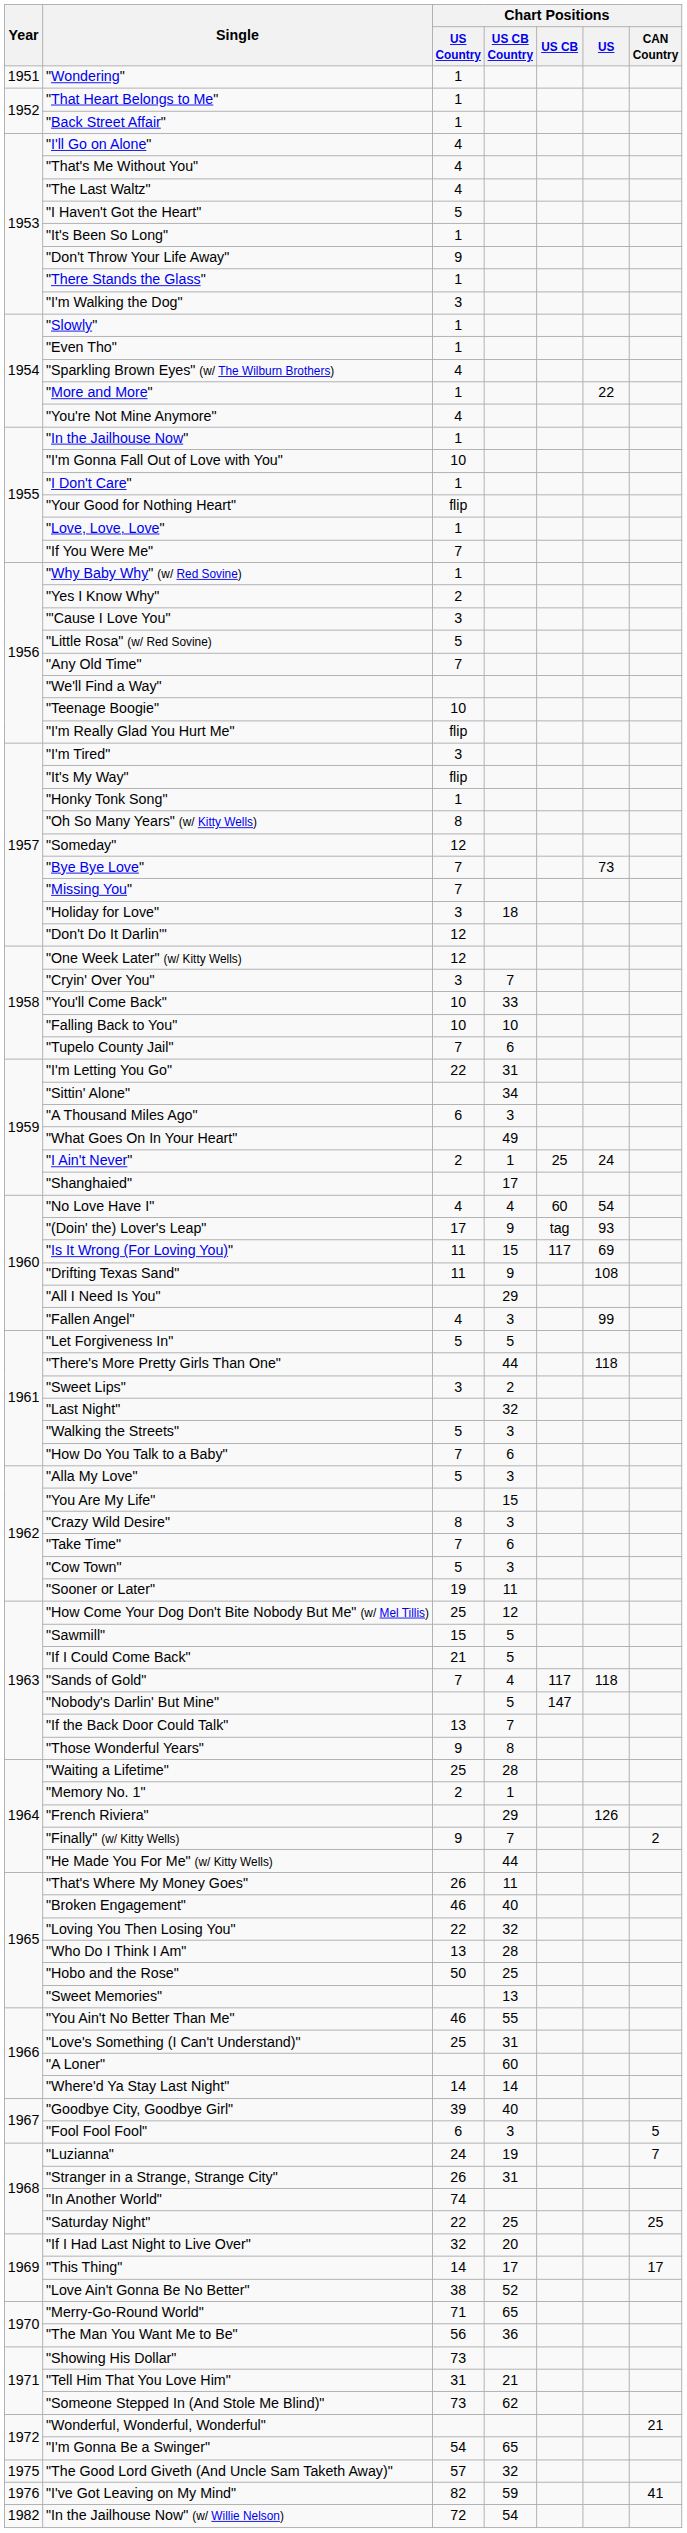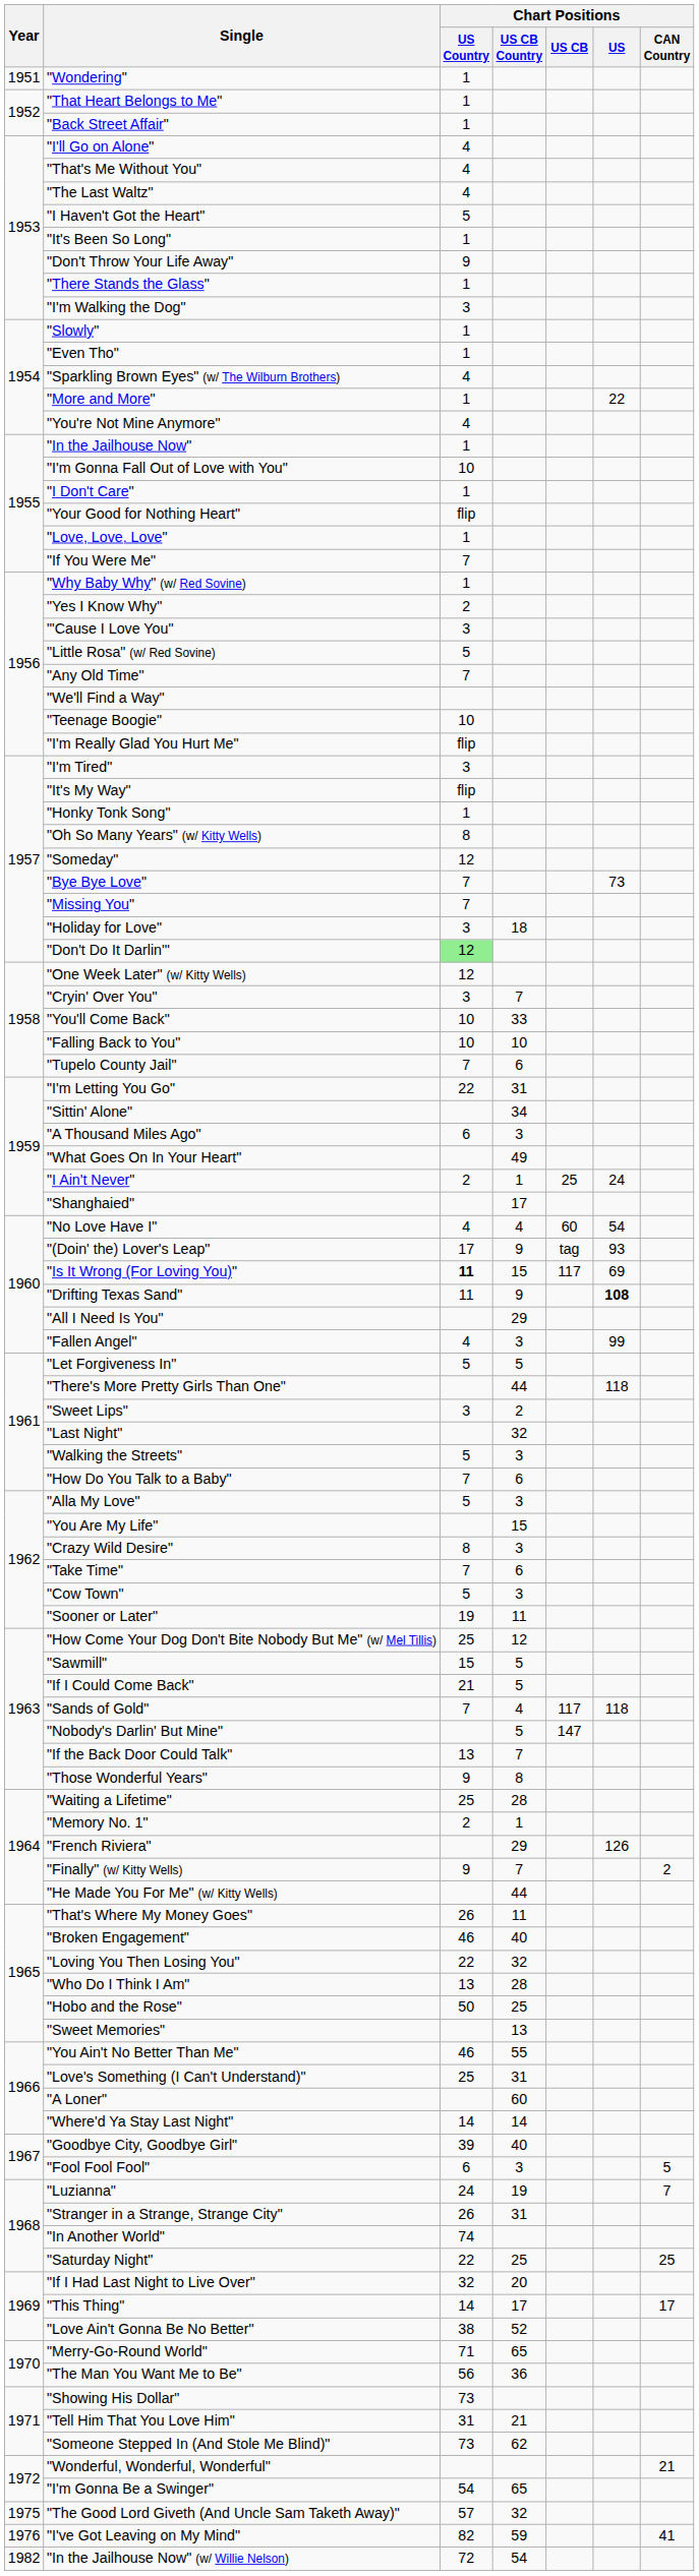 <table class="wikitable">
 <tr>
 <th rowspan="2">Year</th>
 <th rowspan="2">Single</th>
 <th colspan="5">Chart Positions</th>
 </tr>
 <tr>
 <th width="45"><small><a href='#'>US Country</a></small></th>
 <th width="45"><small><a href='#'>US CB Country</a></small></th>
 <th width="45"><small><a href='#'>US CB</a></small></th>
 <th width="45"><small><a href='#'>US</a></small><br></th>
 <th width="45"><small>CAN Country</small></th>
 </tr>
 <tr>
 <td>1951</td>
 <td>"<a href='#'>Wondering</a>"</td>
 <td align="center">1</td>
 <td align="center"></td>
 <td align="center"></td>
 <td align="center"></td>
 <td align="center"></td>
 </tr>
 <tr>
 <td rowspan=2>1952</td>
 <td>"<a href='#'>That Heart Belongs to Me</a>"</td>
 <td align="center">1</td>
 <td align="center"></td>
 <td align="center"></td>
 <td align="center"></td>
 <td align="center"></td>
 </tr>
 <tr>
 <td>"<a href='#'>Back Street Affair</a>"</td>
 <td align="center">1</td>
 <td align="center"></td>
 <td align="center"></td>
 <td align="center"></td>
 <td align="center"></td>
 </tr>
 <tr>
 <td rowspan=8>1953</td>
 <td>"<a href='#'>I'll Go on Alone</a>"</td>
 <td align="center">4</td>
 <td align="center"></td>
 <td align="center"></td>
 <td align="center"></td>
 <td align="center"></td>
 </tr>
 <tr>
 <td>"That's Me Without You"</td>
 <td align="center">4</td>
 <td align="center"></td>
 <td align="center"></td>
 <td align="center"></td>
 <td align="center"></td>
 </tr>
 <tr>
 <td>"The Last Waltz"</td>
 <td align="center">4</td>
 <td align="center"></td>
 <td align="center"></td>
 <td align="center"></td>
 <td align="center"></td>
 </tr>
 <tr>
 <td>"I Haven't Got the Heart"</td>
 <td align="center">5</td>
 <td align="center"></td>
 <td align="center"></td>
 <td align="center"></td>
 <td align="center"></td>
 </tr>
 <tr>
 <td>"It's Been So Long"</td>
 <td align="center">1</td>
 <td align="center"></td>
 <td align="center"></td>
 <td align="center"></td>
 <td align="center"></td>
 </tr>
 <tr>
 <td>"Don't Throw Your Life Away"</td>
 <td align="center">9</td>
 <td align="center"></td>
 <td align="center"></td>
 <td align="center"></td>
 <td align="center"></td>
 </tr>
 <tr>
 <td>"<a href='#'>There Stands the Glass</a>"</td>
 <td align="center">1</td>
 <td align="center"></td>
 <td align="center"></td>
 <td align="center"></td>
 <td align="center"></td>
 </tr>
 <tr>
 <td>"I'm Walking the Dog"</td>
 <td align="center">3</td>
 <td align="center"></td>
 <td align="center"></td>
 <td align="center"></td>
 <td align="center"></td>
 </tr>
 <tr>
 <td rowspan=5>1954</td>
 <td>"<a href='#'>Slowly</a>"</td>
 <td align="center">1</td>
 <td align="center"></td>
 <td align="center"></td>
 <td align="center"></td>
 <td align="center"></td>
 </tr>
 <tr>
 <td>"Even Tho"</td>
 <td align="center">1</td>
 <td align="center"></td>
 <td align="center"></td>
 <td align="center"></td>
 <td align="center"></td>
 </tr>
 <tr>
 <td>"Sparkling Brown Eyes" <small>(w/ <a href='#'>The Wilburn Brothers</a>)</small></td>
 <td align="center">4</td>
 <td align="center"></td>
 <td align="center"></td>
 <td align="center"></td>
 <td align="center"></td>
 </tr>
 <tr>
 <td>"<a href='#'>More and More</a>"</td>
 <td align="center">1</td>
 <td align="center"></td>
 <td align="center"></td>
 <td align="center">22</td>
 <td align="center"></td>
 </tr>
 <tr>
 <td>"You're Not Mine Anymore"</td>
 <td align="center">4</td>
 <td align="center"></td>
 <td align="center"></td>
 <td align="center"></td>
 <td align="center"></td>
 </tr>
 <tr>
 <td rowspan=6>1955</td>
 <td>"<a href='#'>In the Jailhouse Now</a>"</td>
 <td align="center">1</td>
 <td align="center"></td>
 <td align="center"></td>
 <td align="center"></td>
 <td align="center"></td>
 </tr>
 <tr>
 <td>"I'm Gonna Fall Out of Love with You"</td>
 <td align="center">10</td>
 <td align="center"></td>
 <td align="center"></td>
 <td align="center"></td>
 <td align="center"></td>
 </tr>
 <tr>
 <td>"<a href='#'>I Don't Care</a>"</td>
 <td align="center">1</td>
 <td align="center"></td>
 <td align="center"></td>
 <td align="center"></td>
 <td align="center"></td>
 </tr>
 <tr>
 <td>"Your Good for Nothing Heart"</td>
 <td align="center">flip</td>
 <td align="center"></td>
 <td align="center"></td>
 <td align="center"></td>
 <td align="center"></td>
 </tr>
 <tr>
 <td>"<a href='#'>Love, Love, Love</a>"</td>
 <td align="center">1</td>
 <td align="center"></td>
 <td align="center"></td>
 <td align="center"></td>
 <td align="center"></td>
 </tr>
 <tr>
 <td>"If You Were Me"</td>
 <td align="center">7</td>
 <td align="center"></td>
 <td align="center"></td>
 <td align="center"></td>
 <td align="center"></td>
 </tr>
 <tr>
 <td rowspan=8>1956</td>
 <td>"<a href='#'>Why Baby Why</a>" <small>(w/ <a href='#'>Red Sovine</a>)</small></td>
 <td align="center">1</td>
 <td align="center"></td>
 <td align="center"></td>
 <td align="center"></td>
 <td align="center"></td>
 </tr>
 <tr>
 <td>"Yes I Know Why"</td>
 <td align="center">2</td>
 <td align="center"></td>
 <td align="center"></td>
 <td align="center"></td>
 <td align="center"></td>
 </tr>
 <tr>
 <td>"'Cause I Love You"</td>
 <td align="center">3</td>
 <td align="center"></td>
 <td align="center"></td>
 <td align="center"></td>
 <td align="center"></td>
 </tr>
 <tr>
 <td>"Little Rosa" <small>(w/ Red Sovine)</small></td>
 <td align="center">5</td>
 <td align="center"></td>
 <td align="center"></td>
 <td align="center"></td>
 <td align="center"></td>
 </tr>
 <tr>
 <td>"Any Old Time"</td>
 <td align="center">7</td>
 <td align="center"></td>
 <td align="center"></td>
 <td align="center"></td>
 <td align="center"></td>
 </tr>
 <tr>
 <td>"We'll Find a Way"</td>
 <td align="center"></td>
 <td align="center"></td>
 <td align="center"></td>
 <td align="center"></td>
 <td align="center"></td>
 </tr>
 <tr>
 <td>"Teenage Boogie"</td>
 <td align="center">10</td>
 <td align="center"></td>
 <td align="center"></td>
 <td align="center"></td>
 <td align="center"></td>
 </tr>
 <tr>
 <td>"I'm Really Glad You Hurt Me"</td>
 <td align="center">flip</td>
 <td align="center"></td>
 <td align="center"></td>
 <td align="center"></td>
 <td align="center"></td>
 </tr>
 <tr>
 <td rowspan=9>1957</td>
 <td>"I'm Tired"</td>
 <td align="center">3</td>
 <td align="center"></td>
 <td align="center"></td>
 <td align="center"></td>
 <td align="center"></td>
 </tr>
 <tr>
 <td>"It's My Way"</td>
 <td align="center">flip</td>
 <td align="center"></td>
 <td align="center"></td>
 <td align="center"></td>
 <td align="center"></td>
 </tr>
 <tr>
 <td>"Honky Tonk Song"</td>
 <td align="center">1</td>
 <td align="center"></td>
 <td align="center"></td>
 <td align="center"></td>
 <td align="center"></td>
 </tr>
 <tr>
 <td>"Oh So Many Years" <small>(w/ <a href='#'>Kitty Wells</a>)</small></td>
 <td align="center">8</td>
 <td align="center"></td>
 <td align="center"></td>
 <td align="center"></td>
 <td align="center"></td>
 </tr>
 <tr>
 <td>"Someday"</td>
 <td align="center">12</td>
 <td align="center"></td>
 <td align="center"></td>
 <td align="center"></td>
 <td align="center"></td>
 </tr>
 <tr>
 <td>"<a href='#'>Bye Bye Love</a>"</td>
 <td align="center">7</td>
 <td align="center"></td>
 <td align="center"></td>
 <td align="center">73</td>
 <td align="center"></td>
 </tr>
 <tr>
 <td>"<a href='#'>Missing You</a>"</td>
 <td align="center">7</td>
 <td align="center"></td>
 <td align="center"></td>
 <td align="center"></td>
 <td align="center"></td>
 </tr>
 <tr>
 <td>"Holiday for Love"</td>
 <td align="center">3</td>
 <td align="center">18</td>
 <td align="center"></td>
 <td align="center"></td>
 <td align="center"></td>
 </tr>
 <tr>
 <td>"Don't Do It Darlin'"</td>
-<td align="center">12</td>
+<td align="center" style="background: lightgreen;">12</td>
 <td align="center"></td>
 <td align="center"></td>
 <td align="center"></td>
 <td align="center"></td>
 </tr>
 <tr>
 <td rowspan=5>1958</td>
 <td>"One Week Later" <small>(w/ Kitty Wells)</small></td>
 <td align="center">12</td>
 <td align="center"></td>
 <td align="center"></td>
 <td align="center"></td>
 <td align="center"></td>
 </tr>
 <tr>
 <td>"Cryin' Over You"</td>
 <td align="center">3</td>
 <td align="center">7</td>
 <td align="center"></td>
 <td align="center"></td>
 <td align="center"></td>
 </tr>
 <tr>
 <td>"You'll Come Back"</td>
 <td align="center">10</td>
 <td align="center">33</td>
 <td align="center"></td>
 <td align="center"></td>
 <td align="center"></td>
 </tr>
 <tr>
 <td>"Falling Back to You"</td>
 <td align="center">10</td>
 <td align="center">10</td>
 <td align="center"></td>
 <td align="center"></td>
 <td align="center"></td>
 </tr>
 <tr>
 <td>"Tupelo County Jail"</td>
 <td align="center">7</td>
 <td align="center">6</td>
 <td align="center"></td>
 <td align="center"></td>
 <td align="center"></td>
 </tr>
 <tr>
 <td rowspan=6>1959</td>
 <td>"I'm Letting You Go"</td>
 <td align="center">22</td>
 <td align="center">31</td>
 <td align="center"></td>
 <td align="center"></td>
 <td align="center"></td>
 </tr>
 <tr>
 <td>"Sittin' Alone"</td>
 <td align="center"></td>
 <td align="center">34</td>
 <td align="center"></td>
 <td align="center"></td>
 <td align="center"></td>
 </tr>
 <tr>
 <td>"A Thousand Miles Ago"</td>
 <td align="center">6</td>
 <td align="center">3</td>
 <td align="center"></td>
 <td align="center"></td>
 <td align="center"></td>
 </tr>
 <tr>
 <td>"What Goes On In Your Heart"</td>
 <td align="center"></td>
 <td align="center">49</td>
 <td align="center"></td>
 <td align="center"></td>
 <td align="center"></td>
 </tr>
 <tr>
 <td>"<a href='#'>I Ain't Never</a>"</td>
 <td align="center">2</td>
 <td align="center">1</td>
 <td align="center">25</td>
 <td align="center">24</td>
 <td align="center"></td>
 </tr>
 <tr>
 <td>"Shanghaied"</td>
 <td align="center"></td>
 <td align="center">17</td>
 <td align="center"></td>
 <td align="center"></td>
 <td align="center"></td>
 </tr>
 <tr>
 <td rowspan=6>1960</td>
 <td>"No Love Have I"</td>
 <td align="center">4</td>
 <td align="center">4</td>
 <td align="center">60</td>
 <td align="center">54</td>
 <td align="center"></td>
 </tr>
 <tr>
 <td>"(Doin' the) Lover's Leap"</td>
 <td align="center">17</td>
 <td align="center">9</td>
 <td align="center">tag</td>
 <td align="center">93</td>
 <td align="center"></td>
 </tr>
 <tr>
 <td>"<a href='#'>Is It Wrong (For Loving You)</a>"</td>
-<td align="center">11</td>
+<td align="center"><strong>11</strong></td>
 <td align="center">15</td>
 <td align="center">117</td>
 <td align="center">69</td>
 <td align="center"></td>
 </tr>
 <tr>
 <td>"Drifting Texas Sand"</td>
 <td align="center">11</td>
 <td align="center">9</td>
 <td align="center"></td>
-<td align="center">108</td>
+<td align="center"><strong>108</strong></td>
 <td align="center"></td>
 </tr>
 <tr>
 <td>"All I Need Is You"</td>
 <td align="center"></td>
 <td align="center">29</td>
 <td align="center"></td>
 <td align="center"></td>
 <td align="center"></td>
 </tr>
 <tr>
 <td>"Fallen Angel"</td>
 <td align="center">4</td>
 <td align="center">3</td>
 <td align="center"></td>
 <td align="center">99</td>
 <td align="center"></td>
 </tr>
 <tr>
 <td rowspan=6>1961</td>
 <td>"Let Forgiveness In"</td>
 <td align="center">5</td>
 <td align="center">5</td>
 <td align="center"></td>
 <td align="center"></td>
 <td align="center"></td>
 </tr>
 <tr>
 <td>"There's More Pretty Girls Than One"</td>
 <td align="center"></td>
 <td align="center">44</td>
 <td align="center"></td>
 <td align="center">118</td>
 <td align="center"></td>
 </tr>
 <tr>
 <td>"Sweet Lips"</td>
 <td align="center">3</td>
 <td align="center">2</td>
 <td align="center"></td>
 <td align="center"></td>
 <td align="center"></td>
 </tr>
 <tr>
 <td>"Last Night"</td>
 <td align="center"></td>
 <td align="center">32</td>
 <td align="center"></td>
 <td align="center"></td>
 <td align="center"></td>
 </tr>
 <tr>
 <td>"Walking the Streets"</td>
 <td align="center">5</td>
 <td align="center">3</td>
 <td align="center"></td>
 <td align="center"></td>
 <td align="center"></td>
 </tr>
 <tr>
 <td>"How Do You Talk to a Baby"</td>
 <td align="center">7</td>
 <td align="center">6</td>
 <td align="center"></td>
 <td align="center"></td>
 <td align="center"></td>
 </tr>
 <tr>
 <td rowspan=6>1962</td>
 <td>"Alla My Love"</td>
 <td align="center">5</td>
 <td align="center">3</td>
 <td align="center"></td>
 <td align="center"></td>
 <td align="center"></td>
 </tr>
 <tr>
 <td>"You Are My Life"</td>
 <td align="center"></td>
 <td align="center">15</td>
 <td align="center"></td>
 <td align="center"></td>
 <td align="center"></td>
 </tr>
 <tr>
 <td>"Crazy Wild Desire"</td>
 <td align="center">8</td>
 <td align="center">3</td>
 <td align="center"></td>
 <td align="center"></td>
 <td align="center"></td>
 </tr>
 <tr>
 <td>"Take Time"</td>
 <td align="center">7</td>
 <td align="center">6</td>
 <td align="center"></td>
 <td align="center"></td>
 <td align="center"></td>
 </tr>
 <tr>
 <td>"Cow Town"</td>
 <td align="center">5</td>
 <td align="center">3</td>
 <td align="center"></td>
 <td align="center"></td>
 <td align="center"></td>
 </tr>
 <tr>
 <td>"Sooner or Later"</td>
 <td align="center">19</td>
 <td align="center">11</td>
 <td align="center"></td>
 <td align="center"></td>
 <td align="center"></td>
 </tr>
 <tr>
 <td rowspan=7>1963</td>
 <td>"How Come Your Dog Don't Bite Nobody But Me" <small>(w/ <a href='#'>Mel Tillis</a>)</small></td>
 <td align="center">25</td>
 <td align="center">12</td>
 <td align="center"></td>
 <td align="center"></td>
 <td align="center"></td>
 </tr>
 <tr>
 <td>"Sawmill"</td>
 <td align="center">15</td>
 <td align="center">5</td>
 <td align="center"></td>
 <td align="center"></td>
 <td align="center"></td>
 </tr>
 <tr>
 <td>"If I Could Come Back"</td>
 <td align="center">21</td>
 <td align="center">5</td>
 <td align="center"></td>
 <td align="center"></td>
 <td align="center"></td>
 </tr>
 <tr>
 <td>"Sands of Gold"</td>
 <td align="center">7</td>
 <td align="center">4</td>
 <td align="center">117</td>
 <td align="center">118</td>
 <td align="center"></td>
 </tr>
 <tr>
 <td>"Nobody's Darlin' But Mine"</td>
 <td align="center"></td>
 <td align="center">5</td>
 <td align="center">147</td>
 <td align="center"></td>
 <td align="center"></td>
 </tr>
 <tr>
 <td>"If the Back Door Could Talk"</td>
 <td align="center">13</td>
 <td align="center">7</td>
 <td align="center"></td>
 <td align="center"></td>
 <td align="center"></td>
 </tr>
 <tr>
 <td>"Those Wonderful Years"</td>
 <td align="center">9</td>
 <td align="center">8</td>
 <td align="center"></td>
 <td align="center"></td>
 <td align="center"></td>
 </tr>
 <tr>
 <td rowspan=5>1964</td>
 <td>"Waiting a Lifetime"</td>
 <td align="center">25</td>
 <td align="center">28</td>
 <td align="center"></td>
 <td align="center"></td>
 <td align="center"></td>
 </tr>
 <tr>
 <td>"Memory No. 1"</td>
 <td align="center">2</td>
 <td align="center">1</td>
 <td align="center"></td>
 <td align="center"></td>
 <td align="center"></td>
 </tr>
 <tr>
 <td>"French Riviera"</td>
 <td align="center"></td>
 <td align="center">29</td>
 <td align="center"></td>
 <td align="center">126</td>
 <td align="center"></td>
 </tr>
 <tr>
 <td>"Finally" <small>(w/ Kitty Wells)</small></td>
 <td align="center">9</td>
 <td align="center">7</td>
 <td align="center"></td>
 <td align="center"></td>
 <td align="center">2</td>
 </tr>
 <tr>
 <td>"He Made You For Me" <small>(w/ Kitty Wells)</small></td>
 <td align="center"></td>
 <td align="center">44</td>
 <td align="center"></td>
 <td align="center"></td>
 <td align="center"></td>
 </tr>
 <tr>
 <td rowspan=6>1965</td>
 <td>"That's Where My Money Goes"</td>
 <td align="center">26</td>
 <td align="center">11</td>
 <td align="center"></td>
 <td align="center"></td>
 <td align="center"></td>
 </tr>
 <tr>
 <td>"Broken Engagement"</td>
 <td align="center">46</td>
 <td align="center">40</td>
 <td align="center"></td>
 <td align="center"></td>
 <td align="center"></td>
 </tr>
 <tr>
 <td>"Loving You Then Losing You"</td>
 <td align="center">22</td>
 <td align="center">32</td>
 <td align="center"></td>
 <td align="center"></td>
 <td align="center"></td>
 </tr>
 <tr>
 <td>"Who Do I Think I Am"</td>
 <td align="center">13</td>
 <td align="center">28</td>
 <td align="center"></td>
 <td align="center"></td>
 <td align="center"></td>
 </tr>
 <tr>
 <td>"Hobo and the Rose"</td>
 <td align="center">50</td>
 <td align="center">25</td>
 <td align="center"></td>
 <td align="center"></td>
 <td align="center"></td>
 </tr>
 <tr>
 <td>"Sweet Memories"</td>
 <td align="center"></td>
 <td align="center">13</td>
 <td align="center"></td>
 <td align="center"></td>
 <td align="center"></td>
 </tr>
 <tr>
 <td rowspan=4>1966</td>
 <td>"You Ain't No Better Than Me"</td>
 <td align="center">46</td>
 <td align="center">55</td>
 <td align="center"></td>
 <td align="center"></td>
 <td align="center"></td>
 </tr>
 <tr>
 <td>"Love's Something (I Can't Understand)"</td>
 <td align="center">25</td>
 <td align="center">31</td>
 <td align="center"></td>
 <td align="center"></td>
 <td align="center"></td>
 </tr>
 <tr>
 <td>"A Loner"</td>
 <td align="center"></td>
 <td align="center">60</td>
 <td align="center"></td>
 <td align="center"></td>
 <td align="center"></td>
 </tr>
 <tr>
 <td>"Where'd Ya Stay Last Night"</td>
 <td align="center">14</td>
 <td align="center">14</td>
 <td align="center"></td>
 <td align="center"></td>
 <td align="center"></td>
 </tr>
 <tr>
 <td rowspan=2>1967</td>
 <td>"Goodbye City, Goodbye Girl"</td>
 <td align="center">39</td>
 <td align="center">40</td>
 <td align="center"></td>
 <td align="center"></td>
 <td align="center"></td>
 </tr>
 <tr>
 <td>"Fool Fool Fool"</td>
 <td align="center">6</td>
 <td align="center">3</td>
 <td align="center"></td>
 <td align="center"></td>
 <td align="center">5</td>
 </tr>
 <tr>
 <td rowspan=4>1968</td>
 <td>"Luzianna"</td>
 <td align="center">24</td>
 <td align="center">19</td>
 <td align="center"></td>
 <td align="center"></td>
 <td align="center">7</td>
 </tr>
 <tr>
 <td>"Stranger in a Strange, Strange City"</td>
 <td align="center">26</td>
 <td align="center">31</td>
 <td align="center"></td>
 <td align="center"></td>
 <td align="center"></td>
 </tr>
 <tr>
 <td>"In Another World"</td>
 <td align="center">74</td>
 <td align="center"></td>
 <td align="center"></td>
 <td align="center"></td>
 <td align="center"></td>
 </tr>
 <tr>
 <td>"Saturday Night"</td>
 <td align="center">22</td>
 <td align="center">25</td>
 <td align="center"></td>
 <td align="center"></td>
 <td align="center">25</td>
 </tr>
 <tr>
 <td rowspan=3>1969</td>
 <td>"If I Had Last Night to Live Over"</td>
 <td align="center">32</td>
 <td align="center">20</td>
 <td align="center"></td>
 <td align="center"></td>
 <td align="center"></td>
 </tr>
 <tr>
 <td>"This Thing"</td>
 <td align="center">14</td>
 <td align="center">17</td>
 <td align="center"></td>
 <td align="center"></td>
 <td align="center">17</td>
 </tr>
 <tr>
 <td>"Love Ain't Gonna Be No Better"</td>
 <td align="center">38</td>
 <td align="center">52</td>
 <td align="center"></td>
 <td align="center"></td>
 <td align="center"></td>
 </tr>
 <tr>
 <td rowspan=2>1970</td>
 <td>"Merry-Go-Round World"</td>
 <td align="center">71</td>
 <td align="center">65</td>
 <td align="center"></td>
 <td align="center"></td>
 <td align="center"></td>
 </tr>
 <tr>
 <td>"The Man You Want Me to Be"</td>
 <td align="center">56</td>
 <td align="center">36</td>
 <td align="center"></td>
 <td align="center"></td>
 <td align="center"></td>
 </tr>
 <tr>
 <td rowspan=3>1971</td>
 <td>"Showing His Dollar"</td>
 <td align="center">73</td>
 <td align="center"></td>
 <td align="center"></td>
 <td align="center"></td>
 <td align="center"></td>
 </tr>
 <tr>
 <td>"Tell Him That You Love Him"</td>
 <td align="center">31</td>
 <td align="center">21</td>
 <td align="center"></td>
 <td align="center"></td>
 <td align="center"></td>
 </tr>
 <tr>
 <td>"Someone Stepped In (And Stole Me Blind)"</td>
 <td align="center">73</td>
 <td align="center">62</td>
 <td align="center"></td>
 <td align="center"></td>
 <td align="center"></td>
 </tr>
 <tr>
 <td rowspan=2>1972</td>
 <td>"Wonderful, Wonderful, Wonderful"</td>
 <td align="center"></td>
 <td align="center"></td>
 <td align="center"></td>
 <td align="center"></td>
 <td align="center">21</td>
 </tr>
 <tr>
 <td>"I'm Gonna Be a Swinger"</td>
 <td align="center">54</td>
 <td align="center">65</td>
 <td align="center"></td>
 <td align="center"></td>
 <td align="center"></td>
 </tr>
 <tr>
 <td>1975</td>
 <td>"The Good Lord Giveth (And Uncle Sam Taketh Away)"</td>
 <td align="center">57</td>
 <td align="center">32</td>
 <td align="center"></td>
 <td align="center"></td>
 <td align="center"></td>
 </tr>
 <tr>
 <td>1976</td>
 <td>"I've Got Leaving on My Mind"</td>
 <td align="center">82</td>
 <td align="center">59</td>
 <td align="center"></td>
 <td align="center"></td>
 <td align="center">41</td>
 </tr>
 <tr>
 <td>1982</td>
 <td>"In the Jailhouse Now" <small>(w/ <a href='#'>Willie Nelson</a>)</small></td>
 <td align="center">72</td>
 <td align="center">54</td>
 <td align="center"></td>
 <td align="center"></td>
 <td align="center"></td>
 </tr>
 </table>
